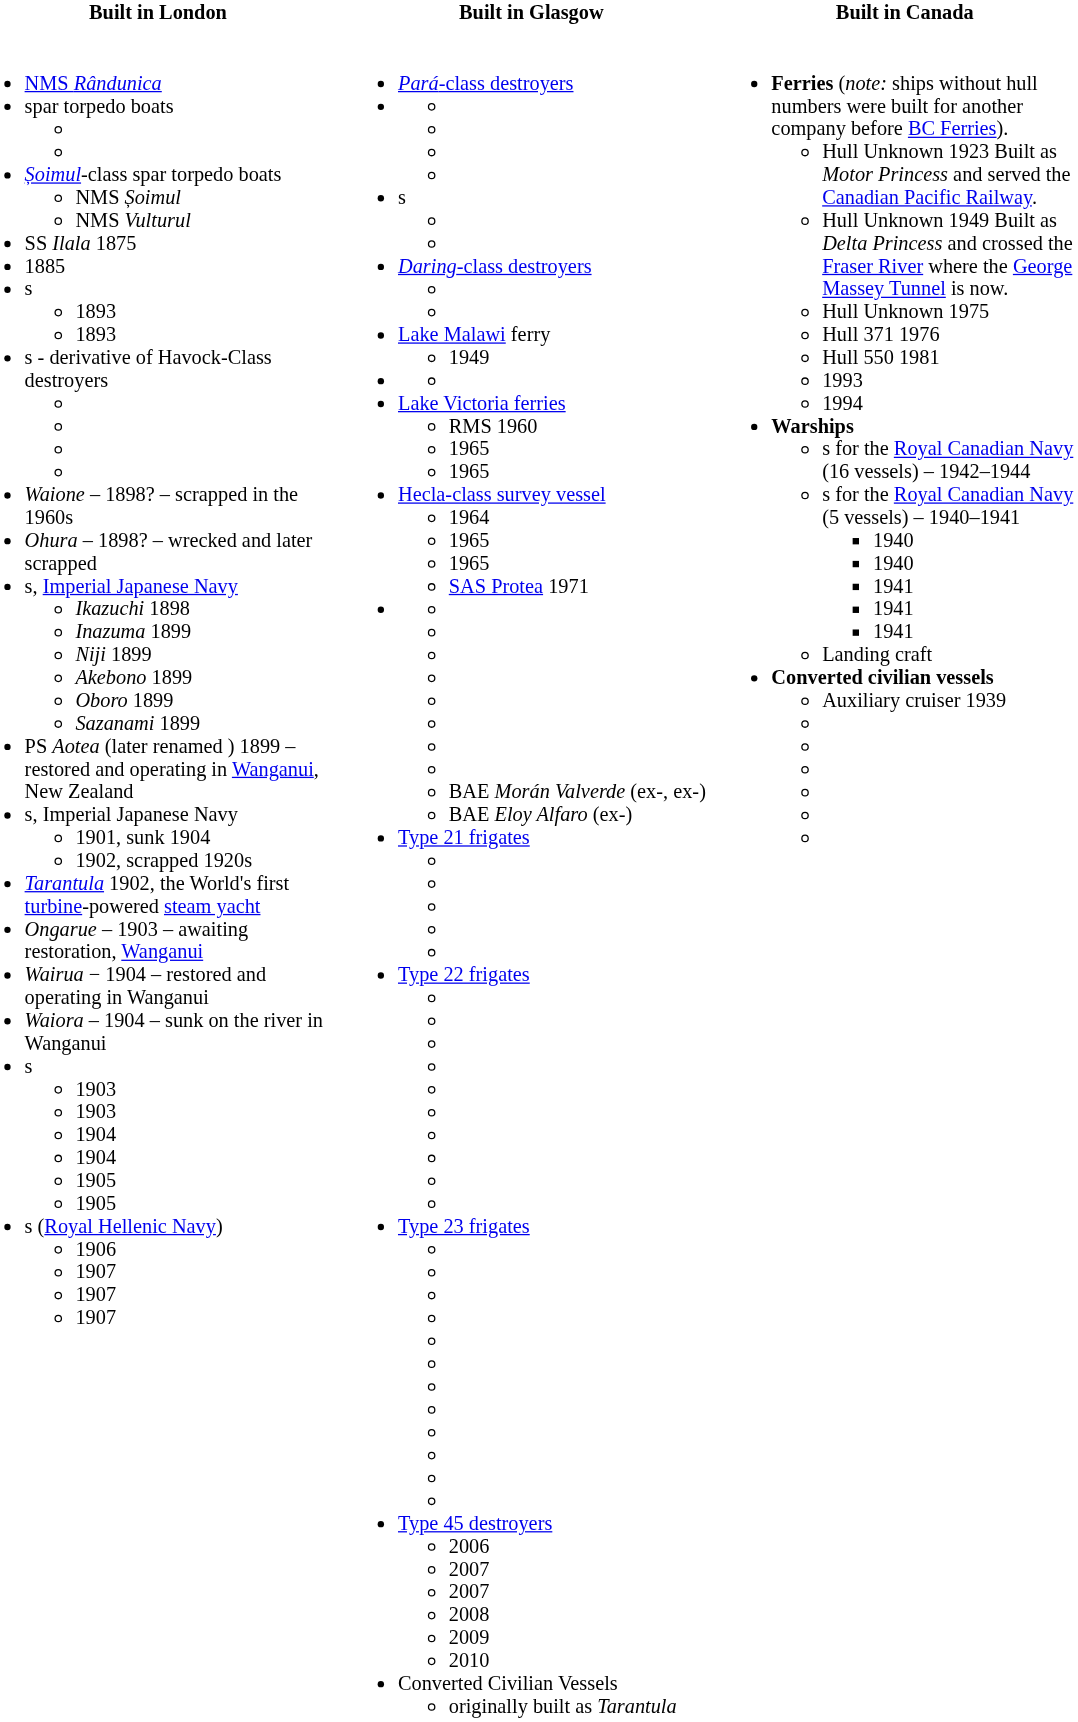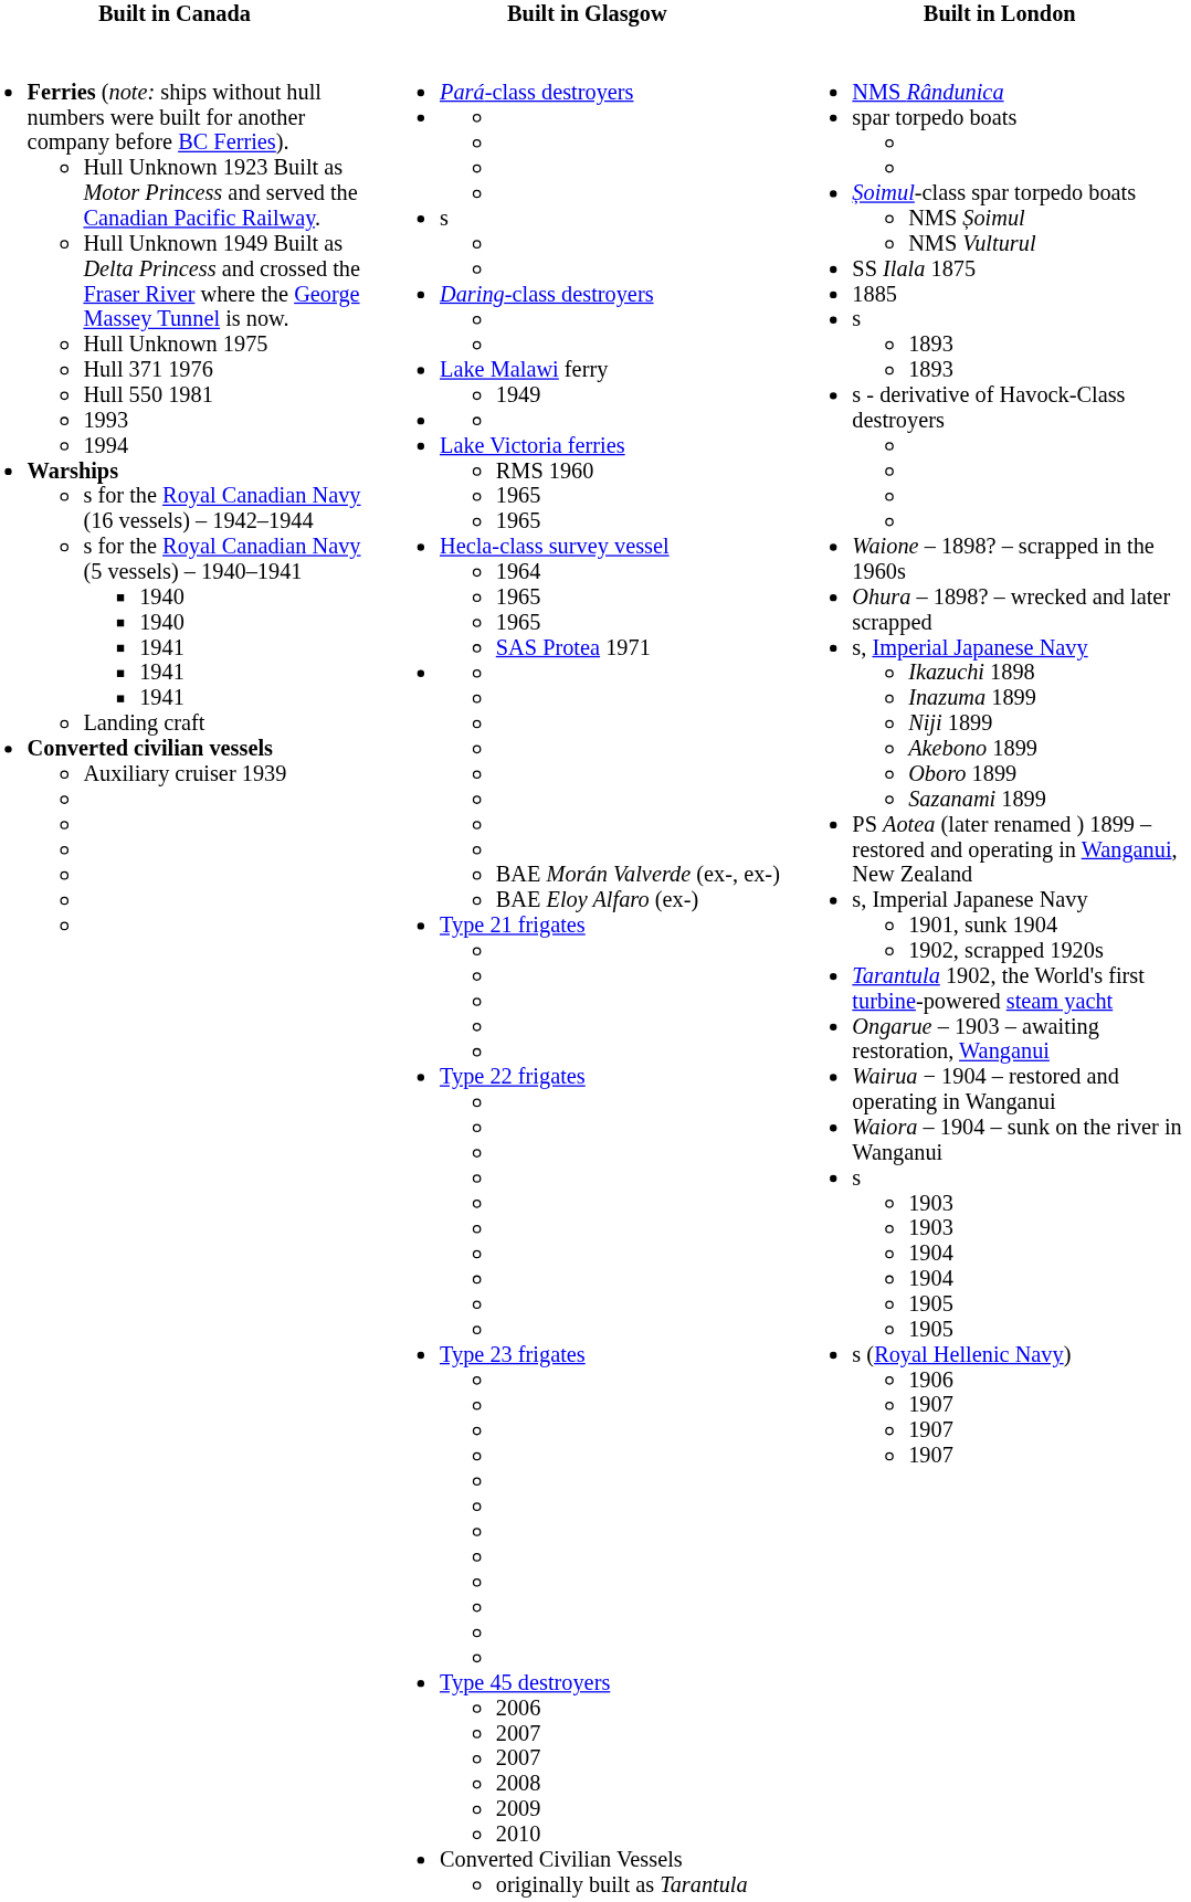 <table style="wikitable">
 <tr>
+<th width=33%>Built in Canada</th>
+<th width=33%>Built in Glasgow</th>
 <th width=33%>Built in London</th>
-<th width=33%>Built in Glasgow</th>
-<th width=33%>Built in Canada</th>
 </tr>
 <tr>
+<td valign="top"><br><ul><li><strong>Ferries</strong>     (<em>note:</em> ships without hull numbers were built for another company before <a href='#'>BC Ferries</a>).<ul><li>Hull Unknown  1923 Built as <em>Motor Princess</em> and served the <a href='#'>Canadian Pacific Railway</a>.</li><li>Hull Unknown  1949 Built as <em>Delta Princess</em> and crossed the <a href='#'>Fraser River</a> where the <a href='#'>George Massey Tunnel</a> is now.</li><li>Hull Unknown  1975</li><li>Hull 371  1976</li><li>Hull 550  1981</li><li> 1993</li><li> 1994</li></ul></li><li><strong>Warships</strong><ul><li>s for the <a href='#'>Royal Canadian Navy</a> (16 vessels) – 1942–1944</li><li>s for the <a href='#'>Royal Canadian Navy</a> (5 vessels) – 1940–1941<ul><li> 1940</li><li> 1940</li><li> 1941</li><li> 1941</li><li> 1941</li></ul></li><li>Landing craft</li></ul></li><li><strong>Converted civilian vessels</strong><ul><li>Auxiliary cruiser  1939</li><li></li><li></li><li></li><li></li><li></li><li></li></ul></li></ul></td>
+<td><br><ul><li><a href='#'><em>Pará</em>-class destroyers</a></li><li><ul><li></li><li></li><li></li><li></li></ul></li><li>s<ul><li></li><li></li></ul></li><li><a href='#'><em>Daring</em>-class destroyers</a><ul><li></li><li></li></ul></li><li><a href='#'>Lake Malawi</a> ferry<ul><li> 1949</li></ul></li><li><ul><li></li></ul></li><li><a href='#'>Lake Victoria ferries</a><ul><li>RMS  1960</li><li> 1965</li><li> 1965</li></ul></li><li><a href='#'>Hecla-class survey vessel</a><ul><li> 1964</li><li> 1965</li><li> 1965</li><li><a href='#'>SAS Protea</a> 1971 </li></ul></li><li><ul><li></li><li></li><li></li><li></li><li></li><li></li><li></li><li></li><li>BAE <em>Morán Valverde</em> (ex-, ex-)</li><li>BAE <em>Eloy Alfaro</em> (ex-)</li></ul></li><li><a href='#'>Type 21 frigates</a><ul><li></li><li></li><li></li><li></li><li></li></ul></li><li><a href='#'>Type 22 frigates</a><ul><li></li><li></li><li></li><li></li><li></li><li></li><li></li><li></li><li></li><li></li></ul></li><li><a href='#'>Type 23 frigates</a><ul><li></li><li></li><li></li><li></li><li></li><li></li><li></li><li></li><li></li><li></li><li></li><li></li></ul></li><li><a href='#'>Type 45 destroyers</a><ul><li> 2006</li><li> 2007</li><li> 2007</li><li> 2008</li><li> 2009</li><li> 2010</li></ul></li><li>Converted Civilian Vessels<ul><li> originally built as <em>Tarantula</em></li></ul></li></ul></td>
 <td valign="top"><br><ul><li><a href='#'>NMS <em>Rândunica</em></a></li><li> spar torpedo boats<ul><li></li><li></li></ul></li><li><em><a href='#'>Șoimul</a></em>-class spar torpedo boats<ul><li>NMS <em>Șoimul</em></li><li>NMS <em>Vulturul</em></li></ul></li><li>SS <em>Ilala</em> 1875</li><li> 1885</li><li>s<ul><li> 1893</li><li> 1893</li></ul></li><li>s - derivative of Havock-Class destroyers<ul><li></li><li></li><li></li><li></li></ul></li><li><em>Waione</em> – 1898? – scrapped in the 1960s</li><li><em>Ohura</em> – 1898? – wrecked and later scrapped</li><li>s, <a href='#'>Imperial Japanese Navy</a><ul><li><em>Ikazuchi</em> 1898</li><li><em>Inazuma</em> 1899</li><li><em>Niji</em> 1899</li><li><em>Akebono</em> 1899</li><li><em>Oboro</em> 1899</li><li><em>Sazanami</em> 1899</li></ul></li><li>PS <em>Aotea</em> (later renamed ) 1899 – restored and operating in <a href='#'>Wanganui</a>, New Zealand</li><li>s, Imperial Japanese Navy<ul><li> 1901, sunk 1904</li><li> 1902, scrapped 1920s</li></ul></li><li><em><a href='#'>Tarantula</a></em> 1902, the World's first <a href='#'>turbine</a>-powered <a href='#'>steam yacht</a></li><li><em>Ongarue</em> – 1903 – awaiting restoration, <a href='#'>Wanganui</a></li><li><em>Wairua</em> − 1904 – restored and operating in Wanganui</li><li><em>Waiora</em> – 1904 – sunk on the river in Wanganui</li><li>s<ul><li> 1903</li><li> 1903</li><li> 1904</li><li> 1904</li><li> 1905</li><li> 1905</li></ul></li><li>s (<a href='#'>Royal Hellenic Navy</a>)<ul><li> 1906</li><li> 1907</li><li> 1907</li><li> 1907</li></ul></li></ul></td>
-<td><br><ul><li><a href='#'><em>Pará</em>-class destroyers</a></li><li><ul><li></li><li></li><li></li><li></li></ul></li><li>s<ul><li></li><li></li></ul></li><li><a href='#'><em>Daring</em>-class destroyers</a><ul><li></li><li></li></ul></li><li><a href='#'>Lake Malawi</a> ferry<ul><li> 1949</li></ul></li><li><ul><li></li></ul></li><li><a href='#'>Lake Victoria ferries</a><ul><li>RMS  1960</li><li> 1965</li><li> 1965</li></ul></li><li><a href='#'>Hecla-class survey vessel</a><ul><li> 1964</li><li> 1965</li><li> 1965</li><li><a href='#'>SAS Protea</a> 1971 </li></ul></li><li><ul><li></li><li></li><li></li><li></li><li></li><li></li><li></li><li></li><li>BAE <em>Morán Valverde</em> (ex-, ex-)</li><li>BAE <em>Eloy Alfaro</em> (ex-)</li></ul></li><li><a href='#'>Type 21 frigates</a><ul><li></li><li></li><li></li><li></li><li></li></ul></li><li><a href='#'>Type 22 frigates</a><ul><li></li><li></li><li></li><li></li><li></li><li></li><li></li><li></li><li></li><li></li></ul></li><li><a href='#'>Type 23 frigates</a><ul><li></li><li></li><li></li><li></li><li></li><li></li><li></li><li></li><li></li><li></li><li></li><li></li></ul></li><li><a href='#'>Type 45 destroyers</a><ul><li> 2006</li><li> 2007</li><li> 2007</li><li> 2008</li><li> 2009</li><li> 2010</li></ul></li><li>Converted Civilian Vessels<ul><li> originally built as <em>Tarantula</em></li></ul></li></ul></td>
-<td valign="top"><br><ul><li><strong>Ferries</strong>     (<em>note:</em> ships without hull numbers were built for another company before <a href='#'>BC Ferries</a>).<ul><li>Hull Unknown  1923 Built as <em>Motor Princess</em> and served the <a href='#'>Canadian Pacific Railway</a>.</li><li>Hull Unknown  1949 Built as <em>Delta Princess</em> and crossed the <a href='#'>Fraser River</a> where the <a href='#'>George Massey Tunnel</a> is now.</li><li>Hull Unknown  1975</li><li>Hull 371  1976</li><li>Hull 550  1981</li><li> 1993</li><li> 1994</li></ul></li><li><strong>Warships</strong><ul><li>s for the <a href='#'>Royal Canadian Navy</a> (16 vessels) – 1942–1944</li><li>s for the <a href='#'>Royal Canadian Navy</a> (5 vessels) – 1940–1941<ul><li> 1940</li><li> 1940</li><li> 1941</li><li> 1941</li><li> 1941</li></ul></li><li>Landing craft</li></ul></li><li><strong>Converted civilian vessels</strong><ul><li>Auxiliary cruiser  1939</li><li></li><li></li><li></li><li></li><li></li><li></li></ul></li></ul></td>
 </tr>
 </table>
